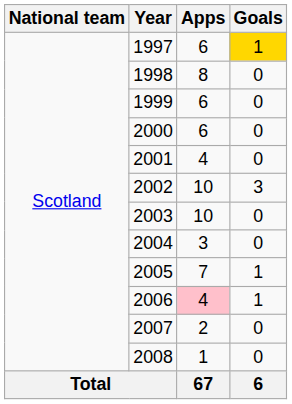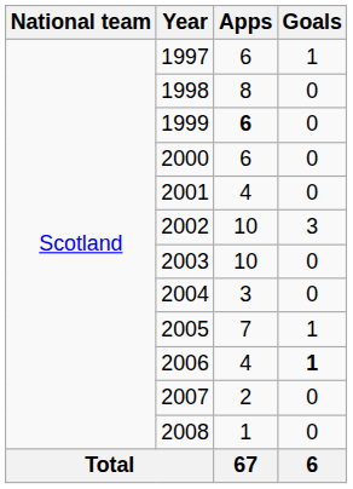 <table class="wikitable" style="text-align:center">
 <tr>
 <th>National team</th>
 <th>Year</th>
 <th>Apps</th>
 <th>Goals</th>
 </tr>
 <tr>
 <td rowspan="12"><a href='#'>Scotland</a></td>
 <td>1997</td>
 <td>6</td>
-<td style="background: gold;">1</td>
+<td>1</td>
 </tr>
 <tr>
 <td>1998</td>
 <td>8</td>
 <td>0</td>
 </tr>
 <tr>
 <td>1999</td>
-<td>6</td>
+<td><strong>6</strong></td>
 <td>0</td>
 </tr>
 <tr>
 <td>2000</td>
 <td>6</td>
 <td>0</td>
 </tr>
 <tr>
 <td>2001</td>
 <td>4</td>
 <td>0</td>
 </tr>
 <tr>
 <td>2002</td>
 <td>10</td>
 <td>3</td>
 </tr>
 <tr>
 <td>2003</td>
 <td>10</td>
 <td>0</td>
 </tr>
 <tr>
 <td>2004</td>
 <td>3</td>
 <td>0</td>
 </tr>
 <tr>
 <td>2005</td>
 <td>7</td>
 <td>1</td>
 </tr>
 <tr>
 <td>2006</td>
-<td style="background: pink;">4</td>
-<td>1</td>
+<td>4</td>
+<td><strong>1</strong></td>
 </tr>
 <tr>
 <td>2007</td>
 <td>2</td>
 <td>0</td>
 </tr>
 <tr>
 <td>2008</td>
 <td>1</td>
 <td>0</td>
 </tr>
 <tr>
 <th colspan="2">Total</th>
 <th>67</th>
 <th>6</th>
 </tr>
 </table>
